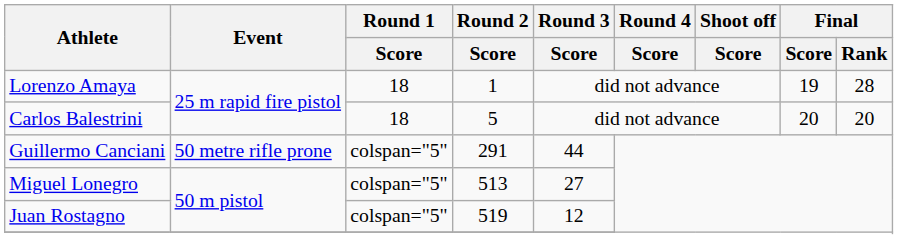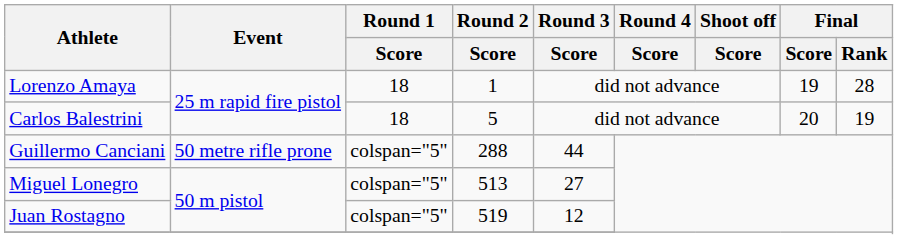 <table class="wikitable" style="font-size:90%">
 <tr>
 <th rowspan="2">Athlete</th>
 <th rowspan="2">Event</th>
 <th colspan="1">Round 1</th>
 <th colspan="1">Round 2</th>
 <th colspan="1">Round 3</th>
 <th colspan="1">Round 4</th>
 <th colspan="1">Shoot off</th>
 <th colspan="2">Final</th>
 </tr>
 <tr>
 <th>Score</th>
 <th>Score</th>
 <th>Score</th>
 <th>Score</th>
 <th>Score</th>
 <th>Score</th>
 <th>Rank</th>
 </tr>
 <tr>
 <td><a href='#'>Lorenzo Amaya</a></td>
 <td rowspan=2><a href='#'>25 m rapid fire pistol</a></td>
 <td align="center">18</td>
 <td align="center">1</td>
 <td colspan="3"  align="center">did not advance</td>
 <td align="center">19</td>
 <td align="center">28</td>
 </tr>
 <tr>
 <td><a href='#'>Carlos Balestrini</a></td>
 <td align="center">18</td>
 <td align="center">5</td>
 <td colspan="3"  align="center">did not advance</td>
 <td align="center">20</td>
-<td align="center">20</td>
+<td align="center">19</td>
 </tr>
 <tr>
 <td rowspan=1><a href='#'>Guillermo Canciani</a></td>
 <td><a href='#'>50 metre rifle prone</a></td>
 <td>colspan="5"  </td>
-<td align="center">291</td>
+<td align="center">288</td>
 <td align="center">44</td>
 </tr>
 <tr>
 <td><a href='#'>Miguel Lonegro</a></td>
 <td rowspan=2><a href='#'>50 m pistol</a></td>
 <td>colspan="5"  </td>
 <td align="center">513</td>
 <td align="center">27</td>
 </tr>
 <tr>
 <td><a href='#'>Juan Rostagno</a></td>
 <td>colspan="5"  </td>
 <td align="center">519</td>
 <td align="center">12</td>
 </tr>
 <tr>
 </tr>
 </table>
